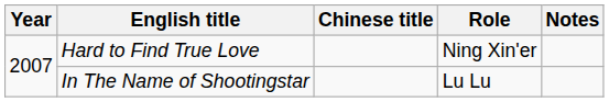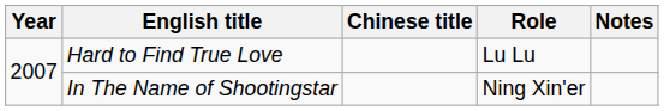 <table class="wikitable">
 <tr>
 <th>Year</th>
 <th>English title</th>
 <th>Chinese title</th>
 <th>Role</th>
 <th>Notes</th>
 </tr>
 <tr>
 <td rowspan="2">2007</td>
 <td><em>Hard to Find True Love</em></td>
 <td></td>
-<td>Ning Xin'er</td>
+<td>Lu Lu</td>
 <td></td>
 </tr>
 <tr>
 <td><em>In The Name of Shootingstar</em></td>
 <td></td>
-<td>Lu Lu</td>
+<td>Ning Xin'er</td>
 <td></td>
 </tr>
 </table>
